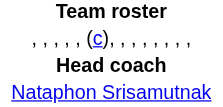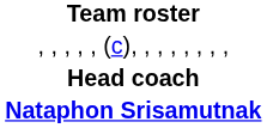 <table style="text-align: center; margin-top: 2em; margin-left: auto; margin-right: auto">
 <tr>
 <td><strong>Team roster</strong></td>
 </tr>
 <tr>
 <td>, , , , ,  (<a href='#'>c</a>), , , , , , , , </td>
 </tr>
 <tr>
 <td><strong>Head coach</strong></td>
 </tr>
 <tr>
-<td> <a href='#'>Nataphon Srisamutnak</a></td>
+<td><strong> <a href='#'>Nataphon Srisamutnak</a></strong></td>
 </tr>
 </table>
